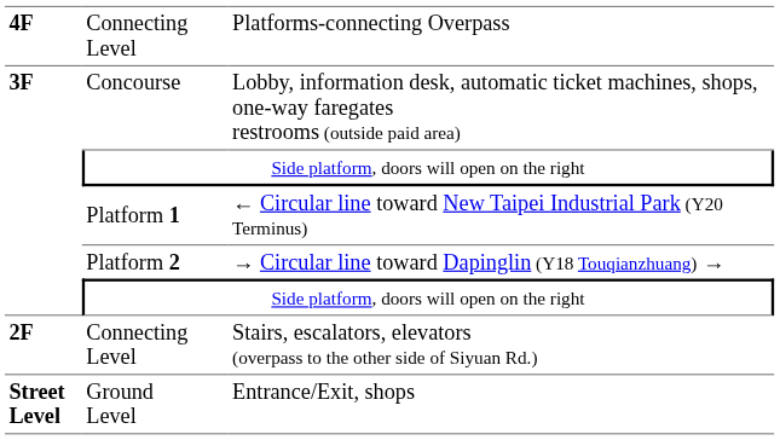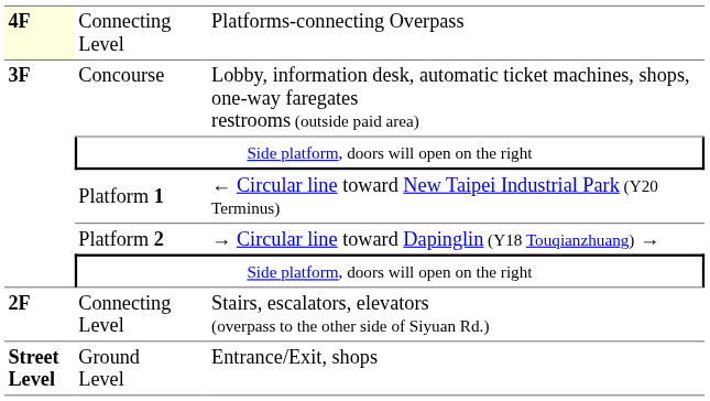 <table table border=0 cellspacing=0 cellpadding=3>
 <tr>
 <td style="border-bottom:solid 1px gray;" valign=top></td>
 <td style="border-bottom:solid 1px gray;"></td>
 <td style="border-bottom:solid 1px gray;"></td>
 </tr>
 <tr>
-<td style="border-bottom:solid 1px gray;" width=50 valign=top><strong>4F</strong></td>
+<td style="background: lightyellow; border-bottom:solid 1px gray;" width=50 valign=top><strong>4F</strong></td>
 <td style="border-top:solid 0px gray;border-bottom:solid 1px gray;" width=100 valign=top>Connecting Level</td>
 <td style="border-top:solid 0px gray;border-bottom:solid 1px gray;" width=390 valign=top>Platforms-connecting Overpass</td>
 </tr>
 <tr>
 <td style="border-bottom:solid 1px gray;" rowspan=5 valign=top><strong>3F</strong></td>
 <td style="border-top:solid 0px gray;border-bottom:solid 1px gray;" width=100 valign=top>Concourse</td>
 <td style="border-top:solid 0px gray;border-bottom:solid 1px gray;" width=390 valign=top>Lobby, information desk, automatic ticket machines, shops, one-way faregates<br>restrooms<small> (outside paid area)</small></td>
 </tr>
 <tr>
 <td style="border-right:solid 2px black;border-left:solid 2px black;border-bottom:solid 2px black;text-align:center;" colspan=2><small><a href='#'>Side platform</a>, doors will open on the right</small></td>
 </tr>
 <tr>
 <td style="border-bottom:solid 1px gray;" width=100>Platform <span><strong>1</strong></span></td>
 <td style="border-bottom:solid 1px gray;" width=390><span></span>←  <a href='#'>Circular line</a> toward <a href='#'>New Taipei Industrial Park</a><small> (Y20 Terminus)</small></td>
 </tr>
 <tr>
 <td>Platform <span><strong>2</strong></span></td>
 <td><span>→</span> <a href='#'>Circular line</a> toward <a href='#'>Dapinglin</a><small> (Y18 <a href='#'>Touqianzhuang</a>)</small> →</td>
 </tr>
 <tr>
 <td style="border-right:solid 2px black;border-left:solid 2px black;border-bottom:solid 1px gray;border-top:solid 2px black;text-align:center;" colspan=2><small><a href='#'>Side platform</a>, doors will open on the right</small></td>
 </tr>
 <tr>
 <td style="border-bottom:solid 1px gray;" width=50 valign=top><strong>2F</strong></td>
 <td style="border-bottom:solid 1px gray;" valign=top>Connecting Level</td>
 <td style="border-bottom:solid 1px gray;" valign=top>Stairs, escalators, elevators<br><small>(overpass to the other side of Siyuan Rd.)</small></td>
 </tr>
 <tr>
 <td style="border-bottom:solid 1px gray;" width=50 rowspan=10 valign=top><strong>Street Level</strong></td>
 <td style="border-top:solid 0px gray;border-bottom:solid 1px gray;" width=100 valign=top>Ground<br>Level</td>
 <td style="border-top:solid 0px gray;border-bottom:solid 1px gray;" width=390 valign=top>Entrance/Exit, shops</td>
 </tr>
 <tr>
 </tr>
 </table>
